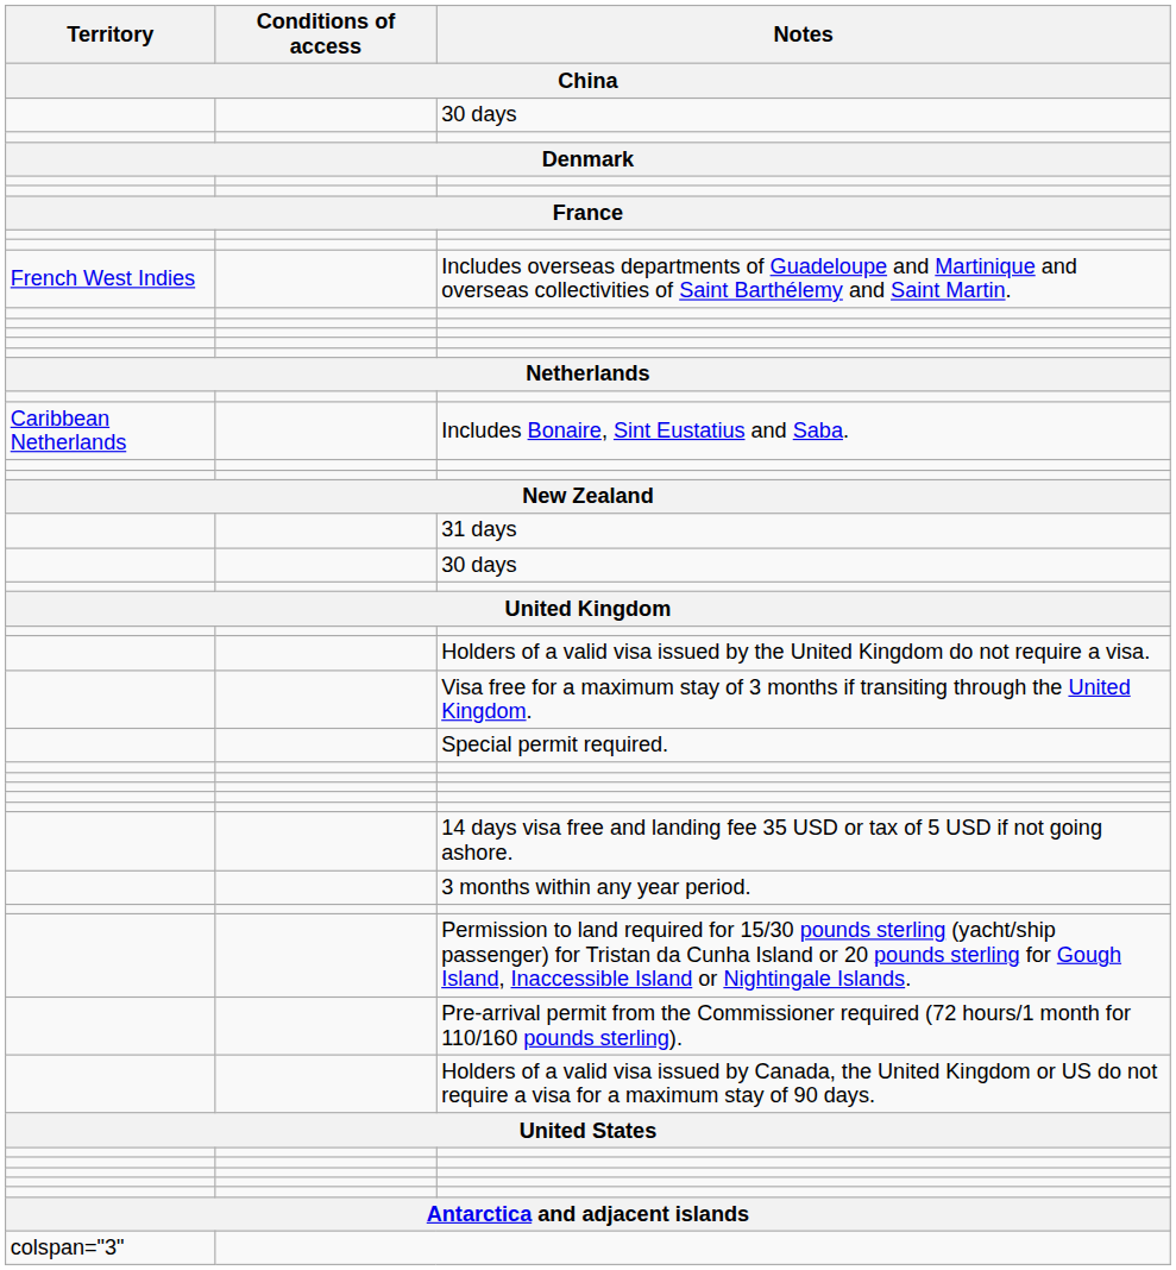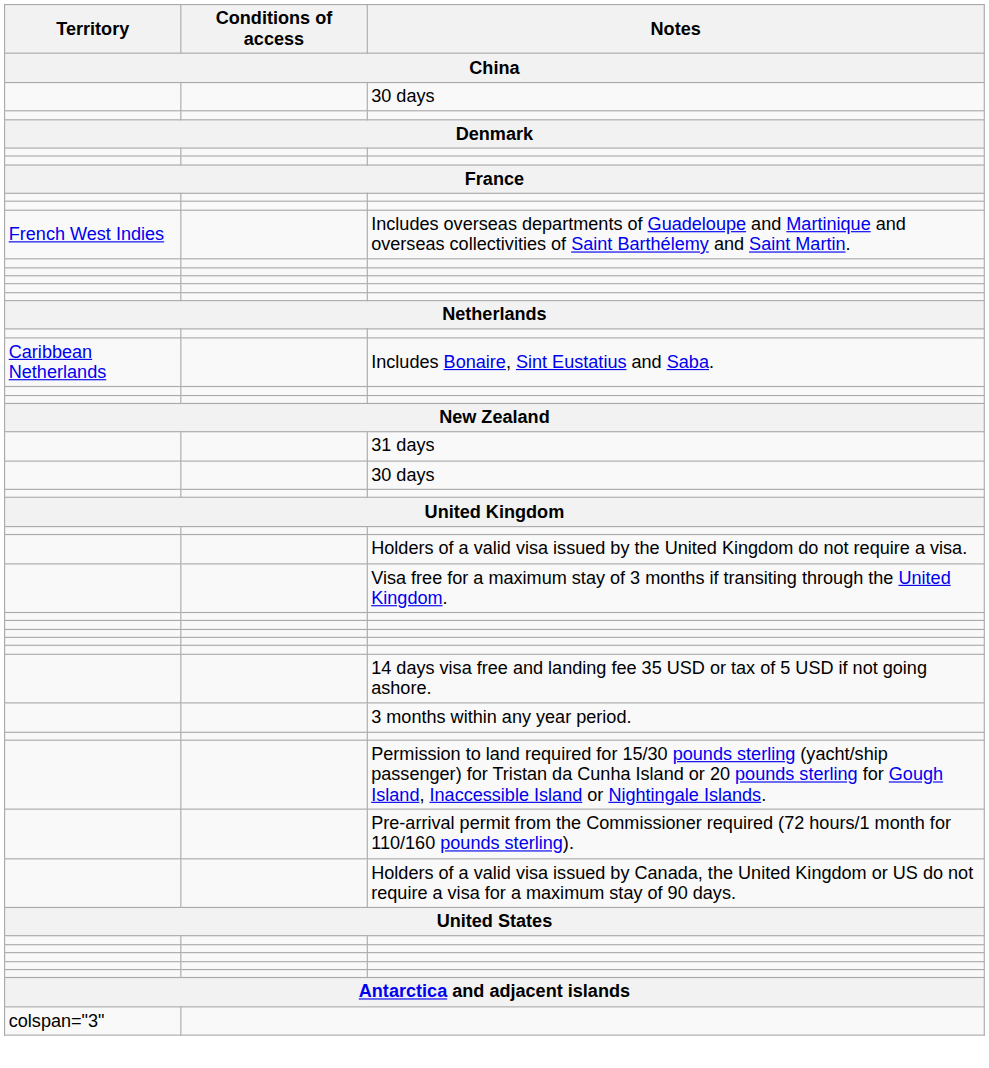 <table class="wikitable" style="text-align: left; table-layout: fixed;">
 <tr>
 <th style="width:18%;">Territory</th>
 <th style="width:19%;">Conditions of access</th>
 <th>Notes</th>
 </tr>
 <tr>
 <th colspan="3">China</th>
 </tr>
 <tr>
 <td></td>
 <td></td>
 <td>30 days</td>
 </tr>
 <tr>
 <td></td>
 <td></td>
 <td></td>
 </tr>
 <tr>
 <th colspan="3">Denmark</th>
 </tr>
 <tr>
 <td></td>
 <td></td>
 <td></td>
 </tr>
 <tr>
 <td></td>
 <td></td>
 <td></td>
 </tr>
 <tr>
 <th colspan="3">France</th>
 </tr>
 <tr>
 <td></td>
 <td></td>
 <td></td>
 </tr>
 <tr>
 <td></td>
 <td></td>
 <td></td>
 </tr>
 <tr>
 <td> <a href='#'>French West Indies</a></td>
 <td></td>
 <td>Includes overseas departments of <a href='#'>Guadeloupe</a> and <a href='#'>Martinique</a> and overseas collectivities of <a href='#'>Saint Barthélemy</a> and <a href='#'>Saint Martin</a>.</td>
 </tr>
 <tr>
 <td></td>
 <td></td>
 <td></td>
 </tr>
 <tr>
 <td></td>
 <td></td>
 <td></td>
 </tr>
 <tr>
 <td></td>
 <td></td>
 <td></td>
 </tr>
 <tr>
 <td></td>
 <td></td>
 <td></td>
 </tr>
 <tr>
 <td></td>
 <td></td>
 <td></td>
 </tr>
 <tr>
 <th colspan="3">Netherlands</th>
 </tr>
 <tr>
 <td></td>
 <td></td>
 <td></td>
 </tr>
 <tr>
 <td> <a href='#'>Caribbean Netherlands</a></td>
 <td></td>
 <td>Includes <a href='#'>Bonaire</a>, <a href='#'>Sint Eustatius</a> and <a href='#'>Saba</a>.</td>
 </tr>
 <tr>
 <td></td>
 <td></td>
 <td></td>
 </tr>
 <tr>
 <td></td>
 <td></td>
 <td></td>
 </tr>
 <tr>
 <th colspan="3">New Zealand</th>
 </tr>
 <tr>
 <td></td>
 <td></td>
 <td>31 days</td>
 </tr>
 <tr>
 <td></td>
 <td></td>
 <td>30 days</td>
 </tr>
 <tr>
 <td></td>
 <td></td>
 <td></td>
 </tr>
 <tr>
 <th colspan="3">United Kingdom</th>
 </tr>
 <tr>
 <td></td>
 <td></td>
 <td></td>
 </tr>
 <tr>
 <td></td>
 <td></td>
 <td>Holders of a valid visa issued by the United Kingdom do not require a visa.</td>
 </tr>
 <tr>
 <td></td>
 <td></td>
 <td>Visa free for a maximum stay of 3 months if transiting through the <a href='#'>United Kingdom</a>.</td>
 </tr>
 <tr>
 <td></td>
 <td></td>
-<td>Special permit required.</td>
-</tr>
-<tr>
-<td></td>
-<td></td>
 <td></td>
 </tr>
 <tr>
 <td></td>
 <td></td>
 <td></td>
 </tr>
 <tr>
 <td></td>
 <td></td>
 <td></td>
 </tr>
 <tr>
 <td></td>
 <td></td>
 <td></td>
 </tr>
 <tr>
 <td></td>
 <td></td>
 <td></td>
 </tr>
 <tr>
 <td></td>
 <td></td>
 <td>14 days visa free and landing fee 35 USD or tax of 5 USD if not going ashore.</td>
 </tr>
 <tr>
 <td></td>
 <td></td>
 <td>3 months within any year period.</td>
 </tr>
 <tr>
 <td></td>
 <td></td>
 <td></td>
 </tr>
 <tr>
 <td></td>
 <td></td>
 <td>Permission to land required for 15/30 <a href='#'>pounds sterling</a> (yacht/ship passenger) for Tristan da Cunha Island or 20 <a href='#'>pounds sterling</a> for <a href='#'>Gough Island</a>, <a href='#'>Inaccessible Island</a> or <a href='#'>Nightingale Islands</a>.</td>
 </tr>
 <tr>
 <td></td>
 <td></td>
 <td>Pre-arrival permit from the Commissioner required (72 hours/1 month for 110/160 <a href='#'>pounds sterling</a>).</td>
 </tr>
 <tr>
 <td></td>
 <td></td>
 <td>Holders of a valid visa issued by Canada, the United Kingdom or US do not require a visa for a maximum stay of 90 days.</td>
 </tr>
 <tr>
 <th colspan="3">United States</th>
 </tr>
 <tr>
 <td></td>
 <td></td>
 <td></td>
 </tr>
 <tr>
 <td></td>
 <td></td>
 <td></td>
 </tr>
 <tr>
 <td></td>
 <td></td>
 <td></td>
 </tr>
 <tr>
 <td></td>
 <td></td>
 <td></td>
 </tr>
 <tr>
 <td></td>
 <td></td>
 <td></td>
 </tr>
 <tr>
 <th colspan="3"><a href='#'>Antarctica</a> and adjacent islands</th>
 </tr>
 <tr>
 <td>colspan="3" </td>
 </tr>
 </table>
